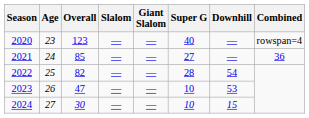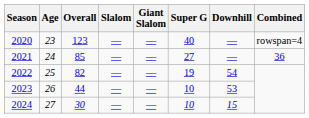 <table class=wikitable style="text-align:center">
 <tr>
 <th>Season</th>
 <th>Age</th>
 <th>Overall</th>
 <th>Slalom</th>
 <th>Giant<br>Slalom</th>
 <th>Super G</th>
 <th>Downhill</th>
 <th>Combined</th>
 </tr>
 <tr>
 <td><a href='#'>2020</a></td>
 <td><em>23</em></td>
 <td><a href='#'>123</a></td>
 <td><a href='#'>—</a></td>
 <td><a href='#'>—</a></td>
 <td><a href='#'>40</a></td>
 <td><a href='#'>—</a></td>
 <td>rowspan=4 </td>
 </tr>
 <tr>
 <td><a href='#'>2021</a></td>
 <td><em>24</em></td>
 <td><a href='#'>85</a></td>
 <td><a href='#'>—</a></td>
 <td><a href='#'>—</a></td>
 <td><a href='#'>27</a></td>
 <td><a href='#'>—</a></td>
 <td><a href='#'>36</a></td>
 </tr>
 <tr>
 <td><a href='#'>2022</a></td>
 <td><em>25</em></td>
 <td><a href='#'>82</a></td>
 <td><a href='#'>—</a></td>
 <td><a href='#'>—</a></td>
-<td><a href='#'>28</a></td>
+<td><a href='#'>19</a></td>
 <td><a href='#'>54</a></td>
 </tr>
 <tr>
 <td><a href='#'>2023</a></td>
 <td><em>26</em></td>
-<td><a href='#'>47</a></td>
+<td><a href='#'>44</a></td>
 <td><a href='#'>—</a></td>
 <td><a href='#'>—</a></td>
 <td><a href='#'>10</a></td>
 <td><a href='#'>53</a></td>
 </tr>
 <tr>
 <td><a href='#'>2024</a></td>
 <td><em>27</em></td>
 <td><a href='#'><em>30</em></a></td>
 <td><a href='#'>—</a></td>
 <td><a href='#'>—</a></td>
 <td><a href='#'><em>10</em></a></td>
 <td><a href='#'><em>15</em></a></td>
 </tr>
 </table>
